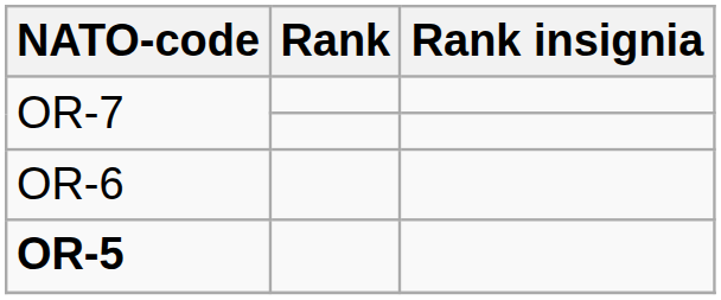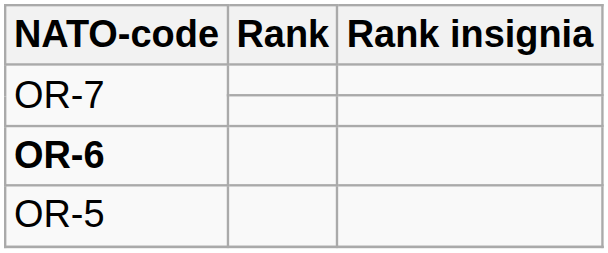 <table class="wikitable">
 <tr>
 <th>NATO-code</th>
 <th>Rank</th>
 <th>Rank insignia  </th>
 </tr>
 <tr>
 <td rowspan=2>OR-7</td>
 <td></td>
 <td style="text-align:center;"></td>
 </tr>
 <tr>
 <td></td>
 <td style="text-align:center;"></td>
 </tr>
 <tr>
-<td>OR-6</td>
+<td><strong>OR-6</strong></td>
 <td></td>
 <td style="text-align:center;"></td>
 </tr>
 <tr>
-<td><strong>OR-5</strong></td>
+<td>OR-5</td>
 <td></td>
 <td style="text-align:center;"></td>
 </tr>
 <tr>
 </tr>
 </table>
